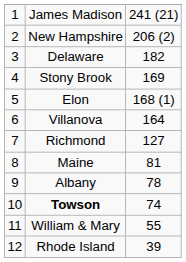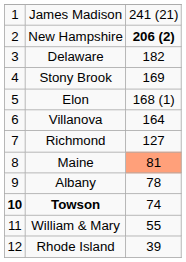 <table class="wikitable">
 <tr align="center">
 </tr>
 <tr align="center">
 <td>1</td>
 <td>James Madison</td>
 <td>241 (21)</td>
 </tr>
 <tr align="center">
 <td>2</td>
 <td>New Hampshire</td>
-<td>206 (2)</td>
+<td><strong>206 (2)</strong></td>
 </tr>
 <tr align="center">
 <td>3</td>
 <td>Delaware</td>
 <td>182</td>
 </tr>
 <tr align="center">
 <td>4</td>
 <td>Stony Brook</td>
 <td>169</td>
 </tr>
 <tr align="center">
 <td>5</td>
 <td>Elon</td>
 <td>168 (1)</td>
 </tr>
 <tr align="center">
 <td>6</td>
 <td>Villanova</td>
 <td>164</td>
 </tr>
 <tr align="center">
 <td>7</td>
 <td>Richmond</td>
 <td>127</td>
 </tr>
 <tr align="center">
 <td>8</td>
 <td>Maine</td>
-<td>81</td>
+<td style="background: lightsalmon;">81</td>
 </tr>
 <tr align="center">
 <td>9</td>
 <td>Albany</td>
 <td>78</td>
 </tr>
 <tr align="center">
-<td>10</td>
+<td><strong>10</strong></td>
 <td><strong>Towson</strong></td>
 <td>74</td>
 </tr>
 <tr align="center">
 <td>11</td>
 <td>William & Mary</td>
 <td>55</td>
 </tr>
 <tr align="center">
 <td>12</td>
 <td>Rhode Island</td>
 <td>39</td>
 </tr>
 </table>
